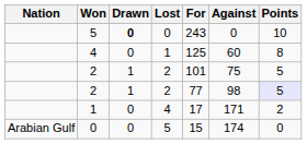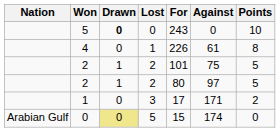 <table class="wikitable" style="text-align: center;">
 <tr>
 <th>Nation</th>
 <th>Won</th>
 <th>Drawn</th>
 <th>Lost</th>
 <th>For</th>
 <th>Against</th>
 <th>Points</th>
 </tr>
 <tr>
 <td align=left></td>
 <td>5</td>
 <td><strong>0</strong></td>
 <td>0</td>
 <td>243</td>
 <td>0</td>
 <td>10</td>
 </tr>
 <tr>
 <td align=left></td>
 <td>4</td>
 <td>0</td>
 <td>1</td>
-<td>125</td>
-<td>60</td>
+<td>226</td>
+<td>61</td>
 <td>8</td>
 </tr>
 <tr>
 <td align=left></td>
 <td>2</td>
 <td>1</td>
 <td>2</td>
 <td>101</td>
 <td>75</td>
 <td>5</td>
 </tr>
 <tr>
 <td align=left></td>
 <td>2</td>
 <td>1</td>
 <td>2</td>
-<td>77</td>
-<td>98</td>
-<td style="background: lavender;">5</td>
+<td>80</td>
+<td>97</td>
+<td>5</td>
 </tr>
 <tr>
 <td align=left></td>
 <td>1</td>
 <td>0</td>
-<td>4</td>
+<td>3</td>
 <td>17</td>
 <td>171</td>
 <td>2</td>
 </tr>
 <tr>
 <td> Arabian Gulf</td>
 <td>0</td>
-<td>0</td>
+<td style="background: khaki;">0</td>
 <td>5</td>
 <td>15</td>
 <td>174</td>
 <td>0</td>
 </tr>
 </table>
